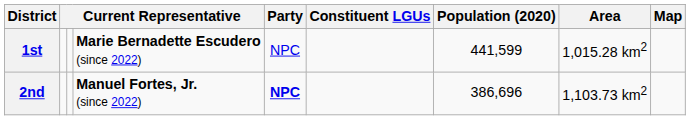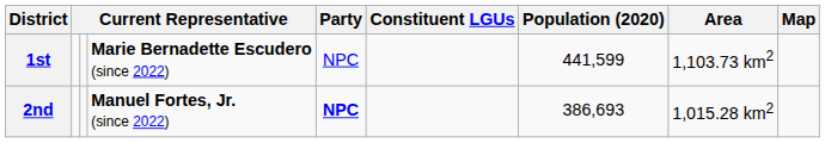 <table class="wikitable sortable" style="margin: 1em auto; font-size:100%; line-height:20px; text-align:center">
 <tr>
 <th>District</th>
 <th colspan="3">Current Representative</th>
 <th>Party</th>
 <th>Constituent <a href='#'>LGUs</a></th>
 <th>Population (2020)</th>
 <th>Area</th>
 <th>Map</th>
 </tr>
 <tr>
 <th><a href='#'>1st</a></th>
 <td style="background:"></td>
 <td></td>
 <td style="text-align:left;"><strong>Marie Bernadette  Escudero</strong><br><small>(since <a href='#'>2022</a>)</small></td>
 <td><a href='#'>NPC</a></td>
 <td></td>
 <td>441,599</td>
-<td>1,015.28 km<sup>2</sup></td>
+<td>1,103.73 km<sup>2</sup></td>
 <td></td>
 </tr>
 <tr>
 <th><a href='#'>2nd</a></th>
 <td style="background:"></td>
 <td></td>
 <td style="text-align:left;"><strong>Manuel Fortes, Jr.</strong><br><small>(since <a href='#'>2022</a>)</small></td>
 <td><strong><a href='#'>NPC</a></strong></td>
 <td></td>
-<td>386,696</td>
-<td>1,103.73 km<sup>2</sup></td>
+<td>386,693</td>
+<td>1,015.28 km<sup>2</sup></td>
 <td></td>
 </tr>
 </table>
